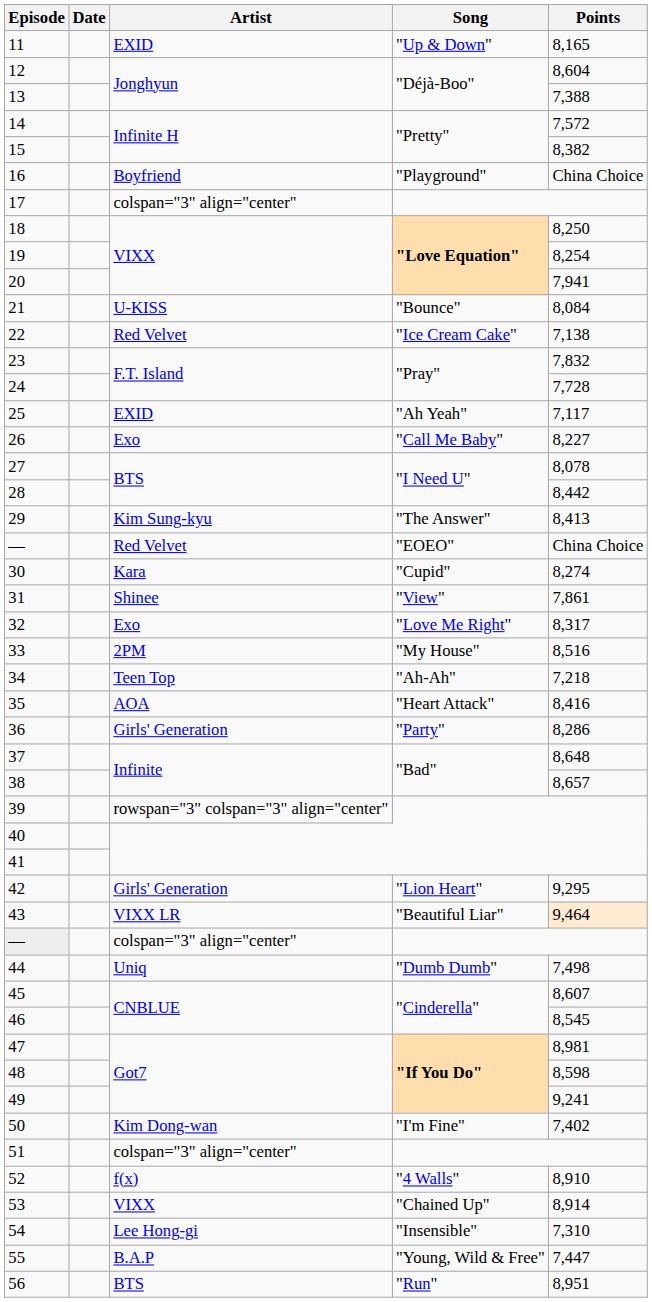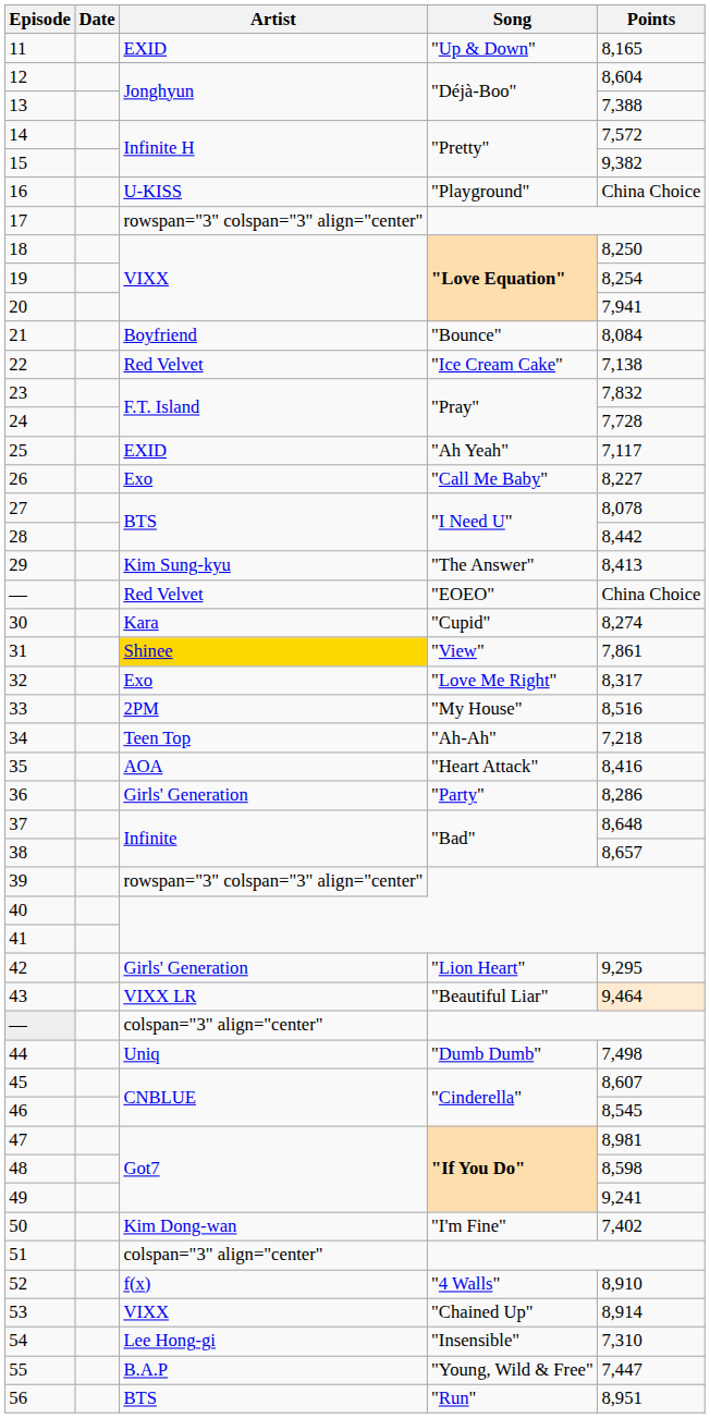 <table class="sortable wikitable">
 <tr>
 <th>Episode</th>
 <th>Date</th>
 <th>Artist</th>
 <th>Song</th>
 <th>Points</th>
 </tr>
 <tr>
 <td>11</td>
 <td></td>
 <td><a href='#'>EXID</a></td>
 <td>"<a href='#'>Up & Down</a>"</td>
 <td>8,165</td>
 </tr>
 <tr>
 <td>12</td>
 <td></td>
 <td rowspan="2"><a href='#'>Jonghyun</a></td>
 <td rowspan="2">"Déjà-Boo"</td>
 <td>8,604</td>
 </tr>
 <tr>
 <td>13</td>
 <td></td>
 <td>7,388</td>
 </tr>
 <tr>
 <td>14</td>
 <td></td>
 <td rowspan="2"><a href='#'>Infinite H</a></td>
 <td rowspan="2">"Pretty"</td>
 <td>7,572</td>
 </tr>
 <tr>
 <td>15</td>
 <td></td>
-<td>8,382</td>
+<td>9,382</td>
 </tr>
 <tr>
 <td>16</td>
 <td></td>
-<td><a href='#'>Boyfriend</a></td>
+<td><a href='#'>U-KISS</a></td>
 <td>"Playground"</td>
 <td>China Choice</td>
 </tr>
 <tr>
 <td>17</td>
 <td></td>
-<td>colspan="3" align="center" </td>
+<td>rowspan="3" colspan="3" align="center" </td>
 </tr>
 <tr>
 <td>18</td>
 <td></td>
 <td rowspan="3"><a href='#'>VIXX</a></td>
 <td rowspan="3" style="font-weight: bold; background: navajowhite;">"Love Equation"</td>
 <td>8,250</td>
 </tr>
 <tr>
 <td>19</td>
 <td></td>
 <td>8,254</td>
 </tr>
 <tr>
 <td>20</td>
 <td></td>
 <td>7,941</td>
 </tr>
 <tr>
 <td>21</td>
 <td></td>
-<td><a href='#'>U-KISS</a></td>
+<td><a href='#'>Boyfriend</a></td>
 <td>"Bounce"</td>
 <td>8,084</td>
 </tr>
 <tr>
 <td>22</td>
 <td></td>
 <td><a href='#'>Red Velvet</a></td>
 <td>"<a href='#'>Ice Cream Cake</a>"</td>
 <td>7,138</td>
 </tr>
 <tr>
 <td>23</td>
 <td></td>
 <td rowspan="2"><a href='#'>F.T. Island</a></td>
 <td rowspan="2">"Pray"</td>
 <td>7,832</td>
 </tr>
 <tr>
 <td>24</td>
 <td></td>
 <td>7,728</td>
 </tr>
 <tr>
 <td>25</td>
 <td></td>
 <td><a href='#'>EXID</a></td>
 <td>"Ah Yeah"</td>
 <td>7,117</td>
 </tr>
 <tr>
 <td>26</td>
 <td></td>
 <td><a href='#'>Exo</a></td>
 <td>"<a href='#'>Call Me Baby</a>"</td>
 <td>8,227</td>
 </tr>
 <tr>
 <td>27</td>
 <td></td>
 <td rowspan="2"><a href='#'>BTS</a></td>
 <td rowspan="2">"<a href='#'>I Need U</a>"</td>
 <td>8,078</td>
 </tr>
 <tr>
 <td>28</td>
 <td></td>
 <td>8,442</td>
 </tr>
 <tr>
 <td>29</td>
 <td></td>
 <td><a href='#'>Kim Sung-kyu</a></td>
 <td>"The Answer"</td>
 <td>8,413</td>
 </tr>
 <tr>
 <td>—</td>
 <td></td>
 <td><a href='#'>Red Velvet</a></td>
 <td>"EOEO"</td>
 <td>China Choice</td>
 </tr>
 <tr>
 <td>30</td>
 <td></td>
 <td><a href='#'>Kara</a></td>
 <td>"Cupid"</td>
 <td>8,274</td>
 </tr>
 <tr>
 <td>31</td>
 <td></td>
-<td><a href='#'>Shinee</a></td>
+<td style="background: gold;"><a href='#'>Shinee</a></td>
 <td>"<a href='#'>View</a>"</td>
 <td>7,861</td>
 </tr>
 <tr>
 <td>32</td>
 <td></td>
 <td><a href='#'>Exo</a></td>
 <td>"<a href='#'>Love Me Right</a>"</td>
 <td>8,317</td>
 </tr>
 <tr>
 <td>33</td>
 <td></td>
 <td><a href='#'>2PM</a></td>
 <td>"My House"</td>
 <td>8,516</td>
 </tr>
 <tr>
 <td>34</td>
 <td></td>
 <td><a href='#'>Teen Top</a></td>
 <td>"Ah-Ah"</td>
 <td>7,218</td>
 </tr>
 <tr>
 <td>35</td>
 <td></td>
 <td><a href='#'>AOA</a></td>
 <td>"Heart Attack"</td>
 <td>8,416</td>
 </tr>
 <tr>
 <td>36</td>
 <td></td>
 <td><a href='#'>Girls' Generation</a></td>
 <td>"<a href='#'>Party</a>"</td>
 <td>8,286</td>
 </tr>
 <tr>
 <td>37</td>
 <td></td>
 <td rowspan="2"><a href='#'>Infinite</a></td>
 <td rowspan="2">"Bad"</td>
 <td>8,648</td>
 </tr>
 <tr>
 <td>38</td>
 <td></td>
 <td>8,657</td>
 </tr>
 <tr>
 <td>39</td>
 <td></td>
 <td>rowspan="3" colspan="3" align="center" </td>
 </tr>
 <tr>
 <td>40</td>
 <td></td>
 </tr>
 <tr>
 <td>41</td>
 <td></td>
 </tr>
 <tr>
 <td>42</td>
 <td></td>
 <td><a href='#'>Girls' Generation</a></td>
 <td>"<a href='#'>Lion Heart</a>"</td>
 <td>9,295</td>
 </tr>
 <tr>
 <td>43</td>
 <td></td>
 <td><a href='#'>VIXX LR</a></td>
 <td>"Beautiful Liar"</td>
 <td style='background: #ffebd2;'>9,464</td>
 </tr>
 <tr>
 <td style="background:#eee;">—</td>
 <td></td>
 <td>colspan="3" align="center" </td>
 </tr>
 <tr>
 <td>44</td>
 <td></td>
 <td><a href='#'>Uniq</a></td>
 <td>"<a href='#'>Dumb Dumb</a>"</td>
 <td>7,498</td>
 </tr>
 <tr>
 <td>45</td>
 <td></td>
 <td rowspan="2"><a href='#'>CNBLUE</a></td>
 <td rowspan="2">"<a href='#'>Cinderella</a>"</td>
 <td>8,607</td>
 </tr>
 <tr>
 <td>46</td>
 <td></td>
 <td>8,545</td>
 </tr>
 <tr>
 <td>47</td>
 <td></td>
 <td rowspan="3"><a href='#'>Got7</a></td>
 <td rowspan="3" style="font-weight: bold; background: navajowhite;">"If You Do"</td>
 <td>8,981</td>
 </tr>
 <tr>
 <td>48</td>
 <td></td>
 <td>8,598</td>
 </tr>
 <tr>
 <td>49</td>
 <td></td>
 <td>9,241</td>
 </tr>
 <tr>
 <td>50</td>
 <td></td>
 <td><a href='#'>Kim Dong-wan</a></td>
 <td>"I'm Fine"</td>
 <td>7,402</td>
 </tr>
 <tr>
 <td>51</td>
 <td></td>
 <td>colspan="3" align="center" </td>
 </tr>
 <tr>
 <td>52</td>
 <td></td>
 <td><a href='#'>f(x)</a></td>
 <td>"<a href='#'>4 Walls</a>"</td>
 <td>8,910</td>
 </tr>
 <tr>
 <td>53</td>
 <td></td>
 <td><a href='#'>VIXX</a></td>
 <td>"Chained Up"</td>
 <td>8,914</td>
 </tr>
 <tr>
 <td>54</td>
 <td></td>
 <td><a href='#'>Lee Hong-gi</a></td>
 <td>"Insensible"</td>
 <td>7,310</td>
 </tr>
 <tr>
 <td>55</td>
 <td></td>
 <td><a href='#'>B.A.P</a></td>
 <td>"Young, Wild & Free"</td>
 <td>7,447</td>
 </tr>
 <tr>
 <td>56</td>
 <td></td>
 <td><a href='#'>BTS</a></td>
 <td>"<a href='#'>Run</a>"</td>
 <td>8,951</td>
 </tr>
 </table>
